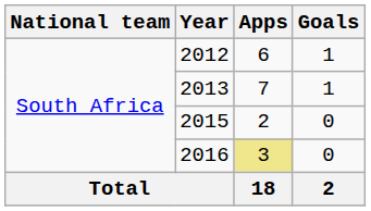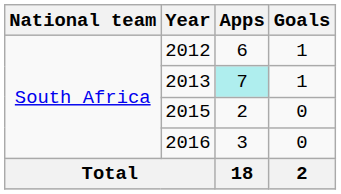 <table class="wikitable" style="text-align:center">
 <tr>
 <th>National team</th>
 <th>Year</th>
 <th>Apps</th>
 <th>Goals</th>
 </tr>
 <tr>
 <td rowspan="4"><a href='#'>South Africa</a></td>
 <td>2012</td>
 <td>6</td>
 <td>1</td>
 </tr>
 <tr>
 <td>2013</td>
-<td>7</td>
+<td style="background: paleturquoise;">7</td>
 <td>1</td>
 </tr>
 <tr>
 <td>2015</td>
 <td>2</td>
 <td>0</td>
 </tr>
 <tr>
 <td>2016</td>
-<td style="background: khaki;">3</td>
+<td>3</td>
 <td>0</td>
 </tr>
 <tr>
 <th colspan="2">Total</th>
 <th>18</th>
 <th>2</th>
 </tr>
 </table>
